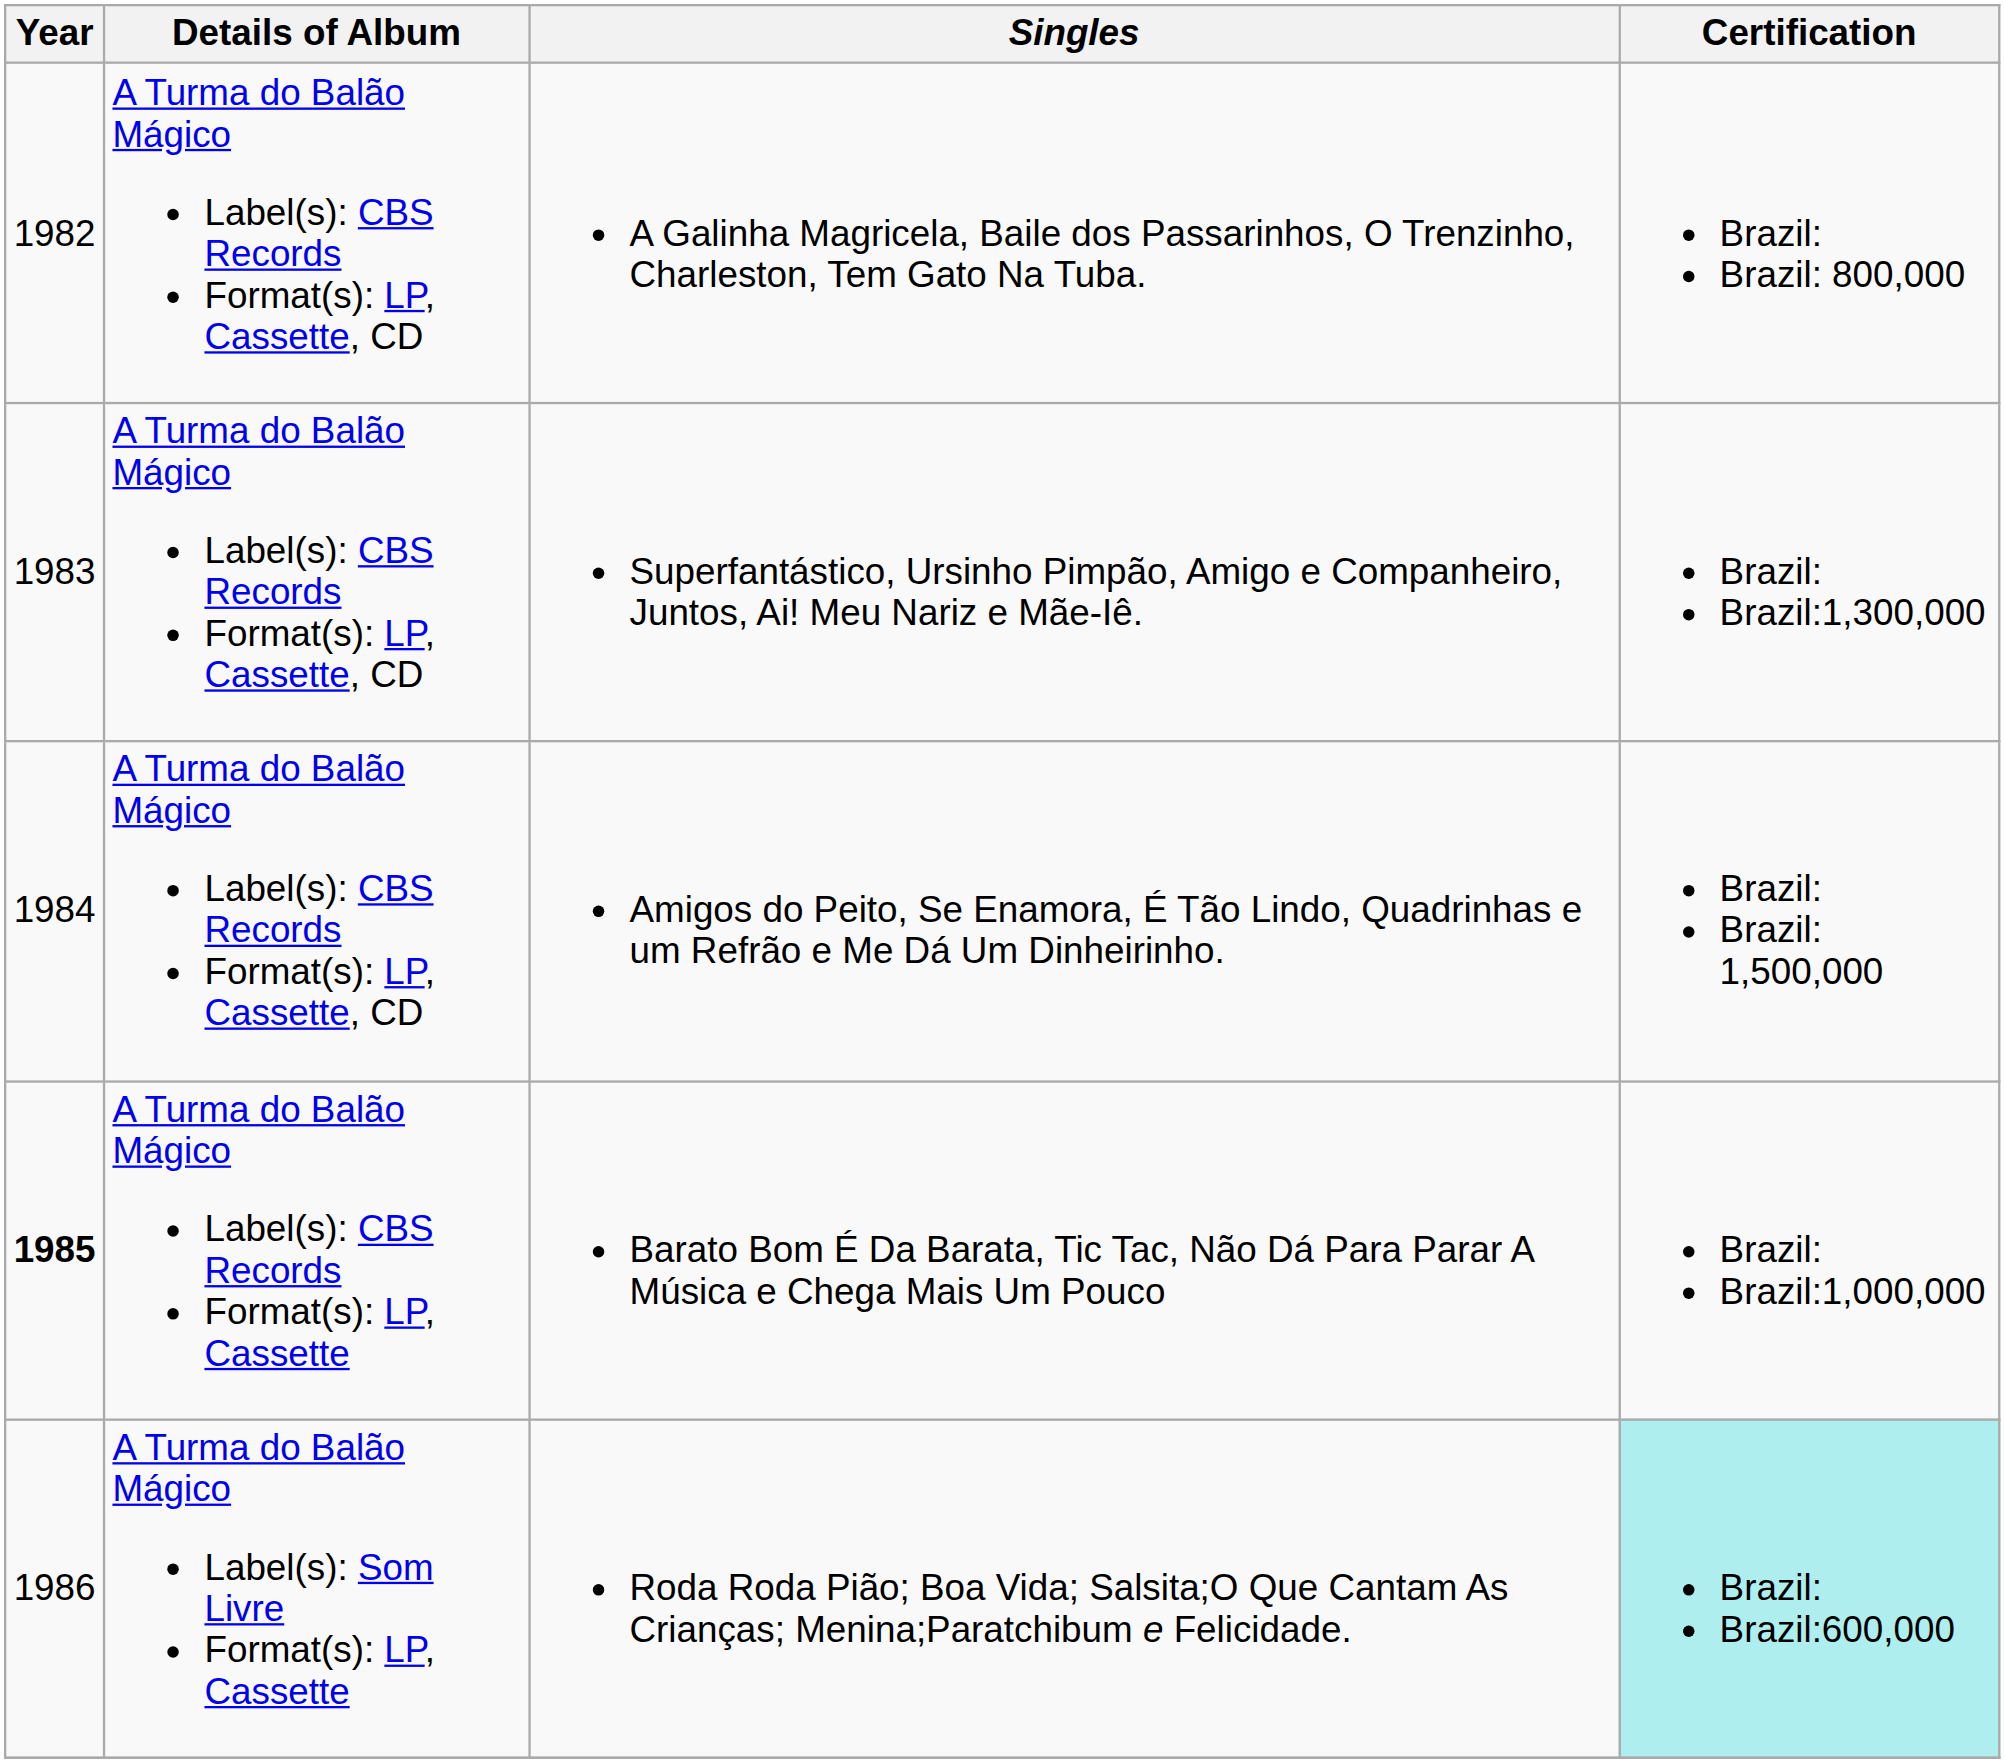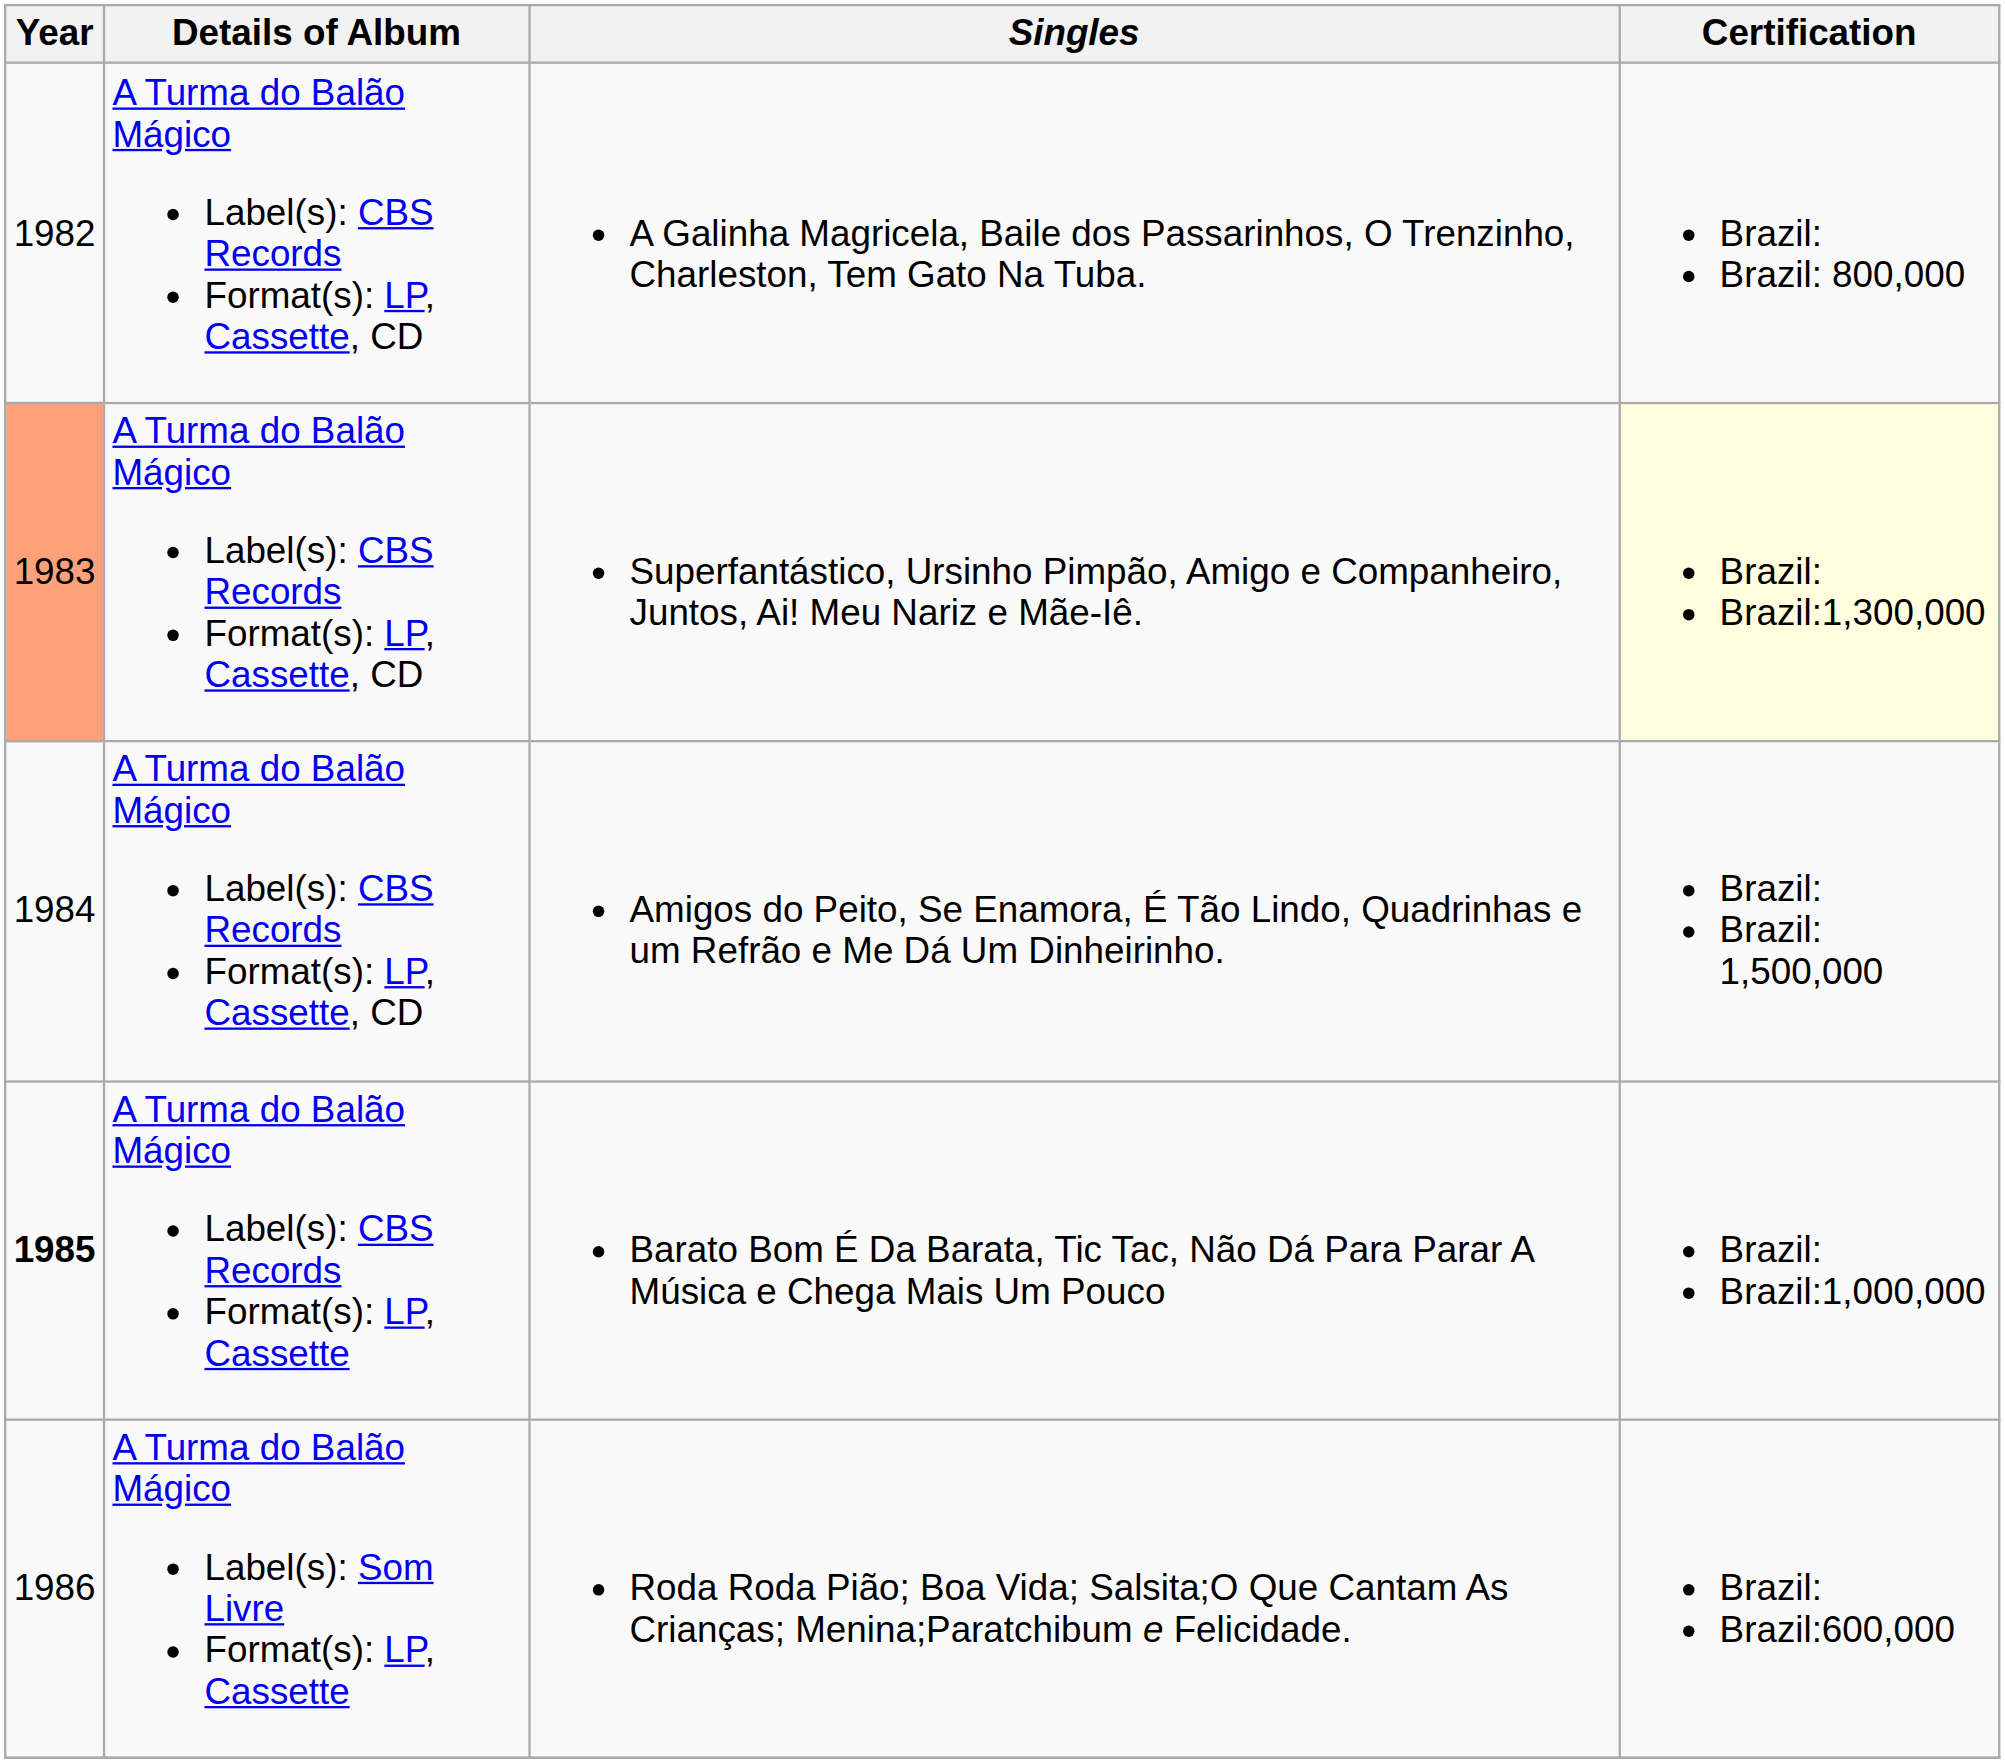 <table class="wikitable">
 <tr>
 <th>Year</th>
 <th>Details of Album</th>
 <th style="font-style:italic;">Singles</th>
 <th>Certification</th>
 </tr>
 <tr>
 <td>1982</td>
 <td><a href='#'>A Turma do Balão Mágico</a><br><ul><li>Label(s): <a href='#'>CBS Records</a></li><li>Format(s): <a href='#'>LP</a>, <a href='#'>Cassette</a>, CD</li></ul></td>
 <td><br><ul><li>A Galinha Magricela, Baile dos Passarinhos, O Trenzinho, Charleston, Tem Gato Na Tuba.</li></ul></td>
 <td><br><ul><li>Brazil:</li><li>Brazil: 800,000</li></ul></td>
 </tr>
 <tr>
-<td>1983</td>
+<td style="background: lightsalmon;">1983</td>
 <td><a href='#'>A Turma do Balão Mágico</a><br><ul><li>Label(s): <a href='#'>CBS Records</a></li><li>Format(s): <a href='#'>LP</a>, <a href='#'>Cassette</a>, CD</li></ul></td>
 <td><br><ul><li>Superfantástico, Ursinho Pimpão, Amigo e Companheiro, Juntos, Ai! Meu Nariz e Mãe-Iê.</li></ul></td>
-<td><br><ul><li>Brazil:</li><li>Brazil:1,300,000</li></ul></td>
+<td style="background: lightyellow;"><br><ul><li>Brazil:</li><li>Brazil:1,300,000</li></ul></td>
 </tr>
 <tr>
 <td>1984</td>
 <td><a href='#'>A Turma do Balão Mágico</a><br><ul><li>Label(s): <a href='#'>CBS Records</a></li><li>Format(s): <a href='#'>LP</a>, <a href='#'>Cassette</a>, CD</li></ul></td>
 <td><br><ul><li>Amigos do Peito, Se Enamora, É Tão Lindo, Quadrinhas e um Refrão e Me Dá Um Dinheirinho.</li></ul></td>
 <td><br><ul><li>Brazil:</li><li>Brazil: 1,500,000</li></ul></td>
 </tr>
 <tr>
 <td><strong>1985</strong></td>
 <td><a href='#'>A Turma do Balão Mágico</a><br><ul><li>Label(s): <a href='#'>CBS Records</a></li><li>Format(s): <a href='#'>LP</a>, <a href='#'>Cassette</a></li></ul></td>
 <td><br><ul><li>Barato Bom É Da Barata, Tic Tac, Não Dá Para Parar A Música e Chega Mais Um Pouco</li></ul></td>
 <td><br><ul><li>Brazil:</li><li>Brazil:1,000,000</li></ul></td>
 </tr>
 <tr>
 <td>1986</td>
 <td><a href='#'>A Turma do Balão Mágico</a><br><ul><li>Label(s): <a href='#'>Som Livre</a></li><li>Format(s): <a href='#'>LP</a>, <a href='#'>Cassette</a></li></ul></td>
 <td><br><ul><li>Roda Roda Pião; Boa Vida; Salsita;O Que Cantam As Crianças; Menina;Paratchibum <em>e</em> Felicidade.</li></ul></td>
-<td style="background: paleturquoise;"><br><ul><li>Brazil:</li><li>Brazil:600,000</li></ul></td>
+<td><br><ul><li>Brazil:</li><li>Brazil:600,000</li></ul></td>
 </tr>
 <tr>
 </tr>
 </table>
